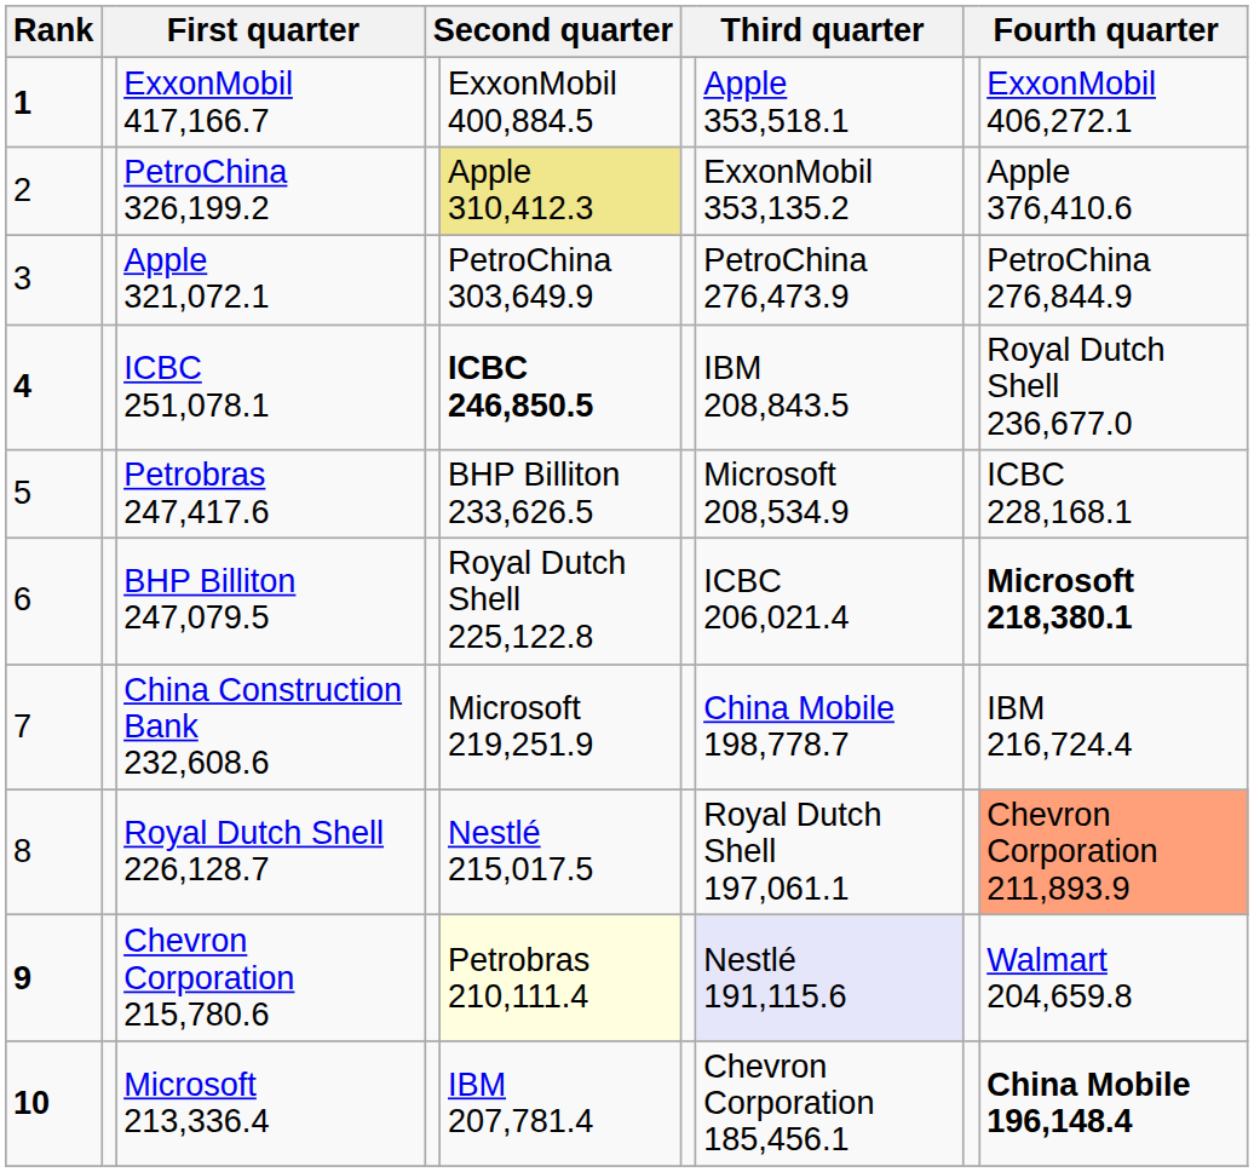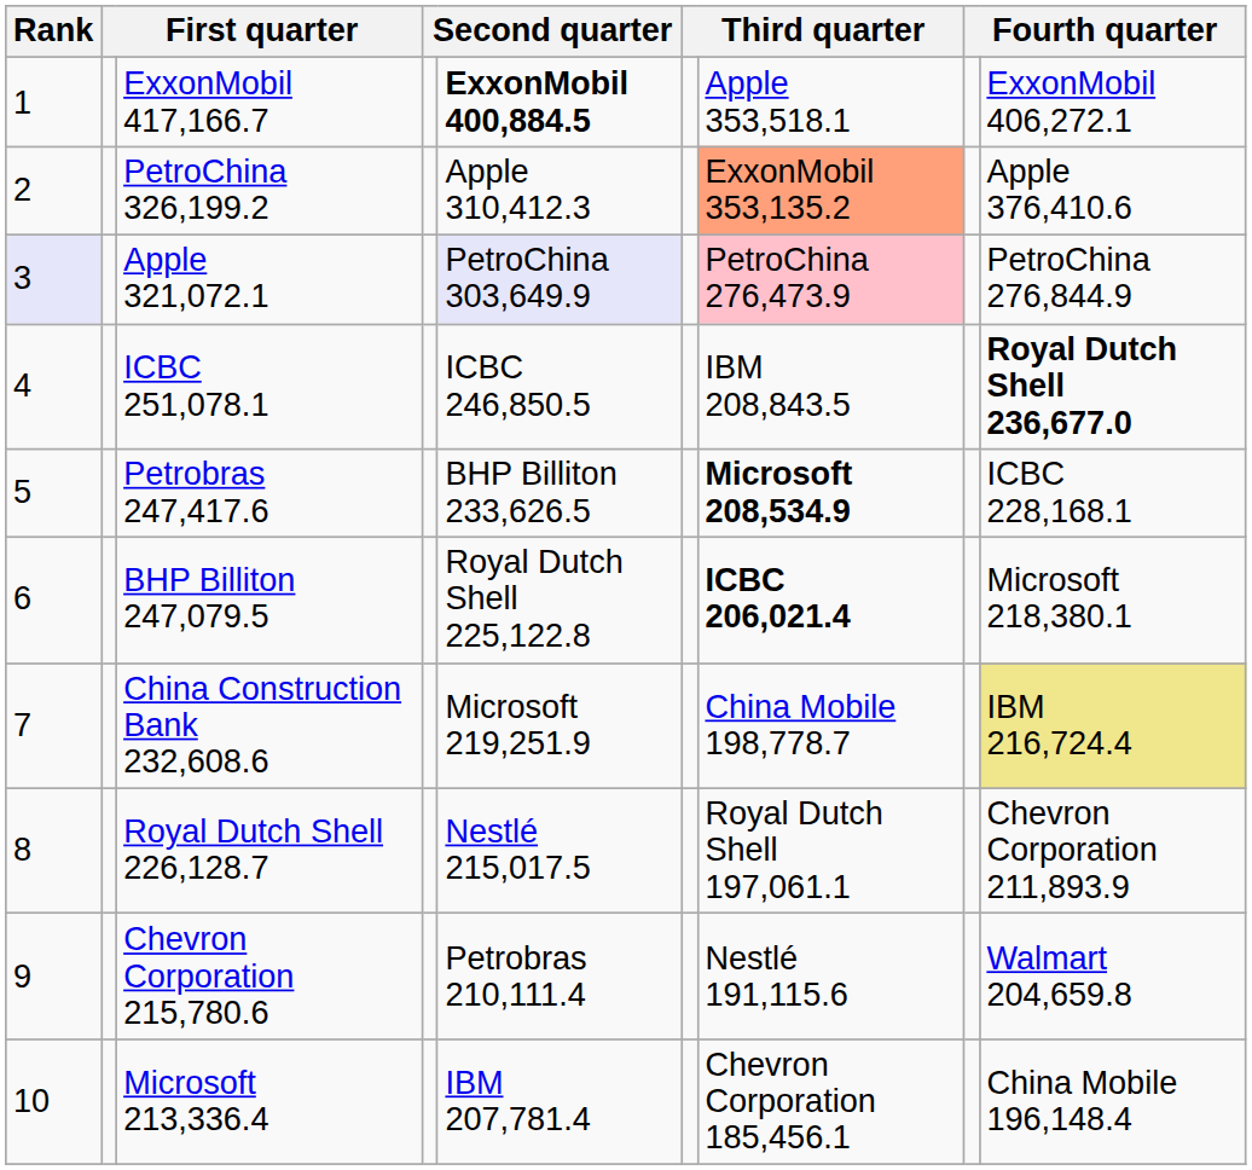 <table class="wikitable">
 <tr>
 <th>Rank</th>
 <th colspan=2>First quarter</th>
 <th colspan=2>Second quarter</th>
 <th colspan=2>Third quarter</th>
 <th colspan=2>Fourth quarter</th>
 </tr>
 <tr>
-<td><strong>1</strong></td>
+<td>1</td>
 <td></td>
 <td><a href='#'>ExxonMobil</a> <br> 417,166.7</td>
 <td></td>
-<td>ExxonMobil <br> 400,884.5</td>
+<td><strong>ExxonMobil <br> 400,884.5</strong></td>
 <td></td>
 <td><a href='#'>Apple</a> <br> 353,518.1</td>
 <td></td>
 <td><a href='#'>ExxonMobil</a>  <br> 406,272.1</td>
 </tr>
 <tr>
 <td>2</td>
 <td></td>
 <td><a href='#'>PetroChina</a> <br> 326,199.2</td>
 <td></td>
-<td style="background: khaki;">Apple <br> 310,412.3</td>
+<td>Apple <br> 310,412.3</td>
 <td></td>
-<td>ExxonMobil <br> 353,135.2</td>
+<td style="background: lightsalmon;">ExxonMobil <br> 353,135.2</td>
 <td></td>
 <td>Apple <br> 376,410.6</td>
 </tr>
 <tr>
-<td>3</td>
+<td style="background: lavender;">3</td>
 <td></td>
 <td><a href='#'>Apple</a> <br> 321,072.1</td>
 <td></td>
-<td>PetroChina <br> 303,649.9</td>
+<td style="background: lavender;">PetroChina <br> 303,649.9</td>
 <td></td>
-<td>PetroChina <br> 276,473.9</td>
+<td style="background: pink;">PetroChina <br> 276,473.9</td>
 <td></td>
 <td>PetroChina <br> 276,844.9</td>
 </tr>
 <tr>
-<td><strong>4</strong></td>
+<td>4</td>
 <td></td>
 <td><a href='#'>ICBC</a> <br> 251,078.1</td>
 <td></td>
-<td><strong>ICBC <br> 246,850.5</strong></td>
+<td>ICBC <br> 246,850.5</td>
 <td></td>
 <td>IBM <br> 208,843.5</td>
 <td> <br> </td>
-<td>Royal Dutch Shell <br> 236,677.0</td>
+<td><strong>Royal Dutch Shell <br> 236,677.0</strong></td>
 </tr>
 <tr>
 <td>5</td>
 <td></td>
 <td><a href='#'>Petrobras</a> <br> 247,417.6</td>
 <td> <br> </td>
 <td>BHP Billiton <br> 233,626.5</td>
 <td></td>
-<td>Microsoft <br> 208,534.9</td>
+<td><strong>Microsoft <br> 208,534.9</strong></td>
 <td></td>
 <td>ICBC <br> 228,168.1</td>
 </tr>
 <tr>
 <td>6</td>
 <td> <br> </td>
 <td><a href='#'>BHP Billiton</a> <br> 247,079.5</td>
 <td> <br> </td>
 <td>Royal Dutch Shell <br> 225,122.8</td>
 <td></td>
-<td>ICBC <br> 206,021.4</td>
+<td><strong>ICBC <br> 206,021.4</strong></td>
 <td></td>
-<td><strong>Microsoft <br> 218,380.1</strong></td>
+<td>Microsoft <br> 218,380.1</td>
 </tr>
 <tr>
 <td>7</td>
 <td></td>
 <td><a href='#'>China Construction Bank</a> <br> 232,608.6</td>
 <td></td>
 <td>Microsoft <br> 219,251.9</td>
 <td></td>
 <td><a href='#'>China Mobile</a> <br> 198,778.7</td>
 <td></td>
-<td>IBM <br> 216,724.4</td>
+<td style="background: khaki;">IBM <br> 216,724.4</td>
 </tr>
 <tr>
 <td>8</td>
 <td> <br> </td>
 <td><a href='#'>Royal Dutch Shell</a> <br> 226,128.7</td>
 <td></td>
 <td><a href='#'>Nestlé</a> <br> 215,017.5</td>
 <td> <br> </td>
 <td>Royal Dutch Shell <br> 197,061.1</td>
 <td></td>
-<td style="background: lightsalmon;">Chevron Corporation <br> 211,893.9</td>
+<td>Chevron Corporation <br> 211,893.9</td>
 </tr>
 <tr>
-<td><strong>9</strong></td>
+<td>9</td>
 <td></td>
 <td><a href='#'>Chevron Corporation</a> <br> 215,780.6</td>
 <td></td>
-<td style="background: lightyellow;">Petrobras <br> 210,111.4</td>
+<td>Petrobras <br> 210,111.4</td>
 <td></td>
-<td style="background: lavender;">Nestlé <br> 191,115.6</td>
+<td>Nestlé <br> 191,115.6</td>
 <td></td>
 <td><a href='#'>Walmart</a> <br> 204,659.8</td>
 </tr>
 <tr>
-<td><strong>10</strong></td>
+<td>10</td>
 <td></td>
 <td><a href='#'>Microsoft</a> <br> 213,336.4</td>
 <td></td>
 <td><a href='#'>IBM</a> <br> 207,781.4</td>
 <td></td>
 <td>Chevron Corporation <br> 185,456.1</td>
 <td></td>
-<td><strong>China Mobile <br> 196,148.4</strong></td>
+<td>China Mobile <br> 196,148.4</td>
 </tr>
 </table>
